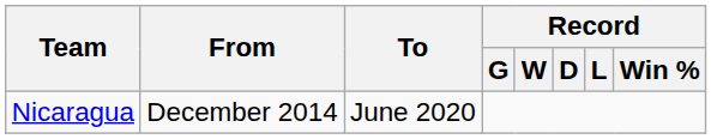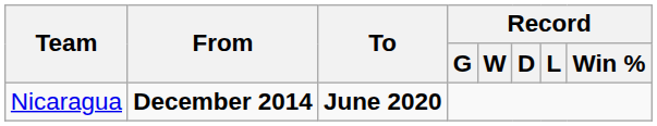 <table class="wikitable" style="text-align: center">
 <tr>
 <th rowspan="2">Team</th>
 <th rowspan="2">From</th>
 <th rowspan="2">To</th>
 <th colspan="5">Record</th>
 </tr>
 <tr>
 <th>G</th>
 <th>W</th>
 <th>D</th>
 <th>L</th>
 <th>Win %</th>
 </tr>
 <tr>
 <td align=left><a href='#'>Nicaragua</a></td>
-<td align=left>December 2014</td>
-<td align=left>June 2020<br></td>
+<td align=left><strong>December 2014</strong></td>
+<td align=left><strong>June 2020<br></strong></td>
 </tr>
 </table>
